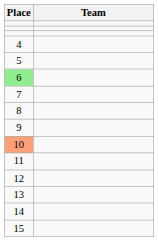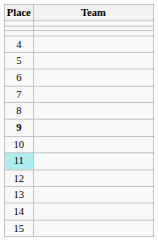 <table class="wikitable" style="text-align:center;">
 <tr>
 <th width=30>Place</th>
 <th width=175>Team</th>
 </tr>
 <tr>
 <td></td>
 <td align="left"></td>
 </tr>
 <tr>
 <td></td>
 <td align="left"></td>
 </tr>
 <tr>
 <td></td>
 <td align="left"></td>
 </tr>
 <tr>
 <td>4</td>
 <td align="left"></td>
 </tr>
 <tr>
 <td>5</td>
 <td align="left"></td>
 </tr>
 <tr>
-<td style="background: lightgreen;">6</td>
+<td>6</td>
 <td align="left"></td>
 </tr>
 <tr>
 <td>7</td>
 <td align="left"></td>
 </tr>
 <tr>
 <td>8</td>
 <td align="left"></td>
 </tr>
 <tr>
-<td>9</td>
+<td><strong>9</strong></td>
 <td align="left"></td>
 </tr>
 <tr>
-<td style="background: lightsalmon;">10</td>
+<td>10</td>
 <td align="left"></td>
 </tr>
 <tr>
-<td>11</td>
+<td style="background: paleturquoise;">11</td>
 <td align="left"></td>
 </tr>
 <tr>
 <td>12</td>
 <td align="left"></td>
 </tr>
 <tr>
 <td>13</td>
 <td align="left"></td>
 </tr>
 <tr>
 <td>14</td>
 <td align="left"></td>
 </tr>
 <tr>
 <td>15</td>
 <td align="left"></td>
 </tr>
 </table>
